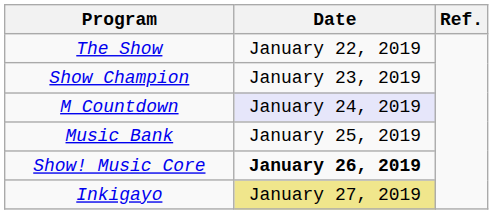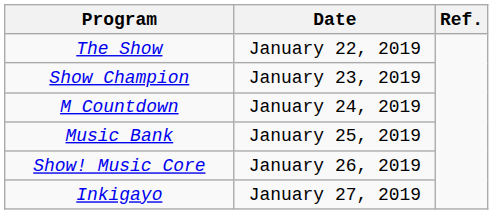 <table class="wikitable plainrowheaders" style="text-align:center;">
 <tr>
 <th width="160">Program</th>
 <th width="140">Date</th>
 <th>Ref.</th>
 </tr>
 <tr>
 <td><em><a href='#'>The Show</a></em></td>
 <td>January 22, 2019</td>
 <td rowspan="6"></td>
 </tr>
 <tr>
 <td><em><a href='#'>Show Champion</a></em></td>
 <td>January 23, 2019</td>
 </tr>
 <tr>
 <td><em><a href='#'>M Countdown</a></em></td>
-<td style="background: lavender;">January 24, 2019</td>
+<td>January 24, 2019</td>
 </tr>
 <tr>
 <td><em><a href='#'>Music Bank</a></em></td>
 <td>January 25, 2019</td>
 </tr>
 <tr>
 <td><em><a href='#'>Show! Music Core</a></em></td>
-<td><strong>January 26, 2019</strong></td>
+<td>January 26, 2019</td>
 </tr>
 <tr>
 <td><em><a href='#'>Inkigayo</a></em></td>
-<td style="background: khaki;">January 27, 2019</td>
+<td>January 27, 2019</td>
 </tr>
 </table>
